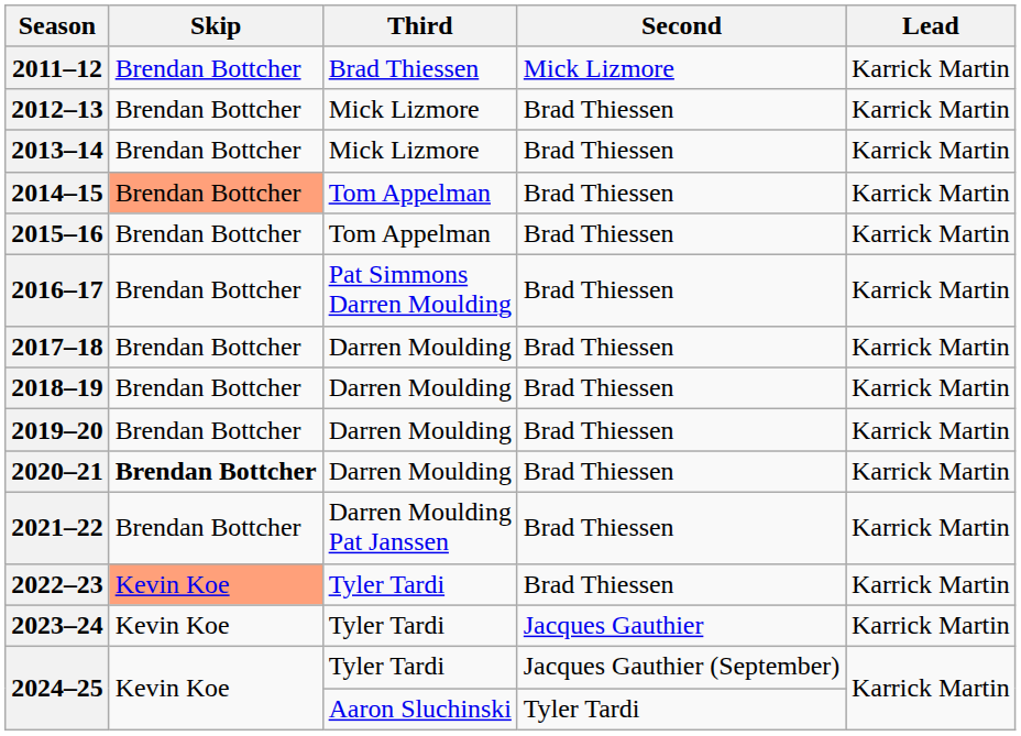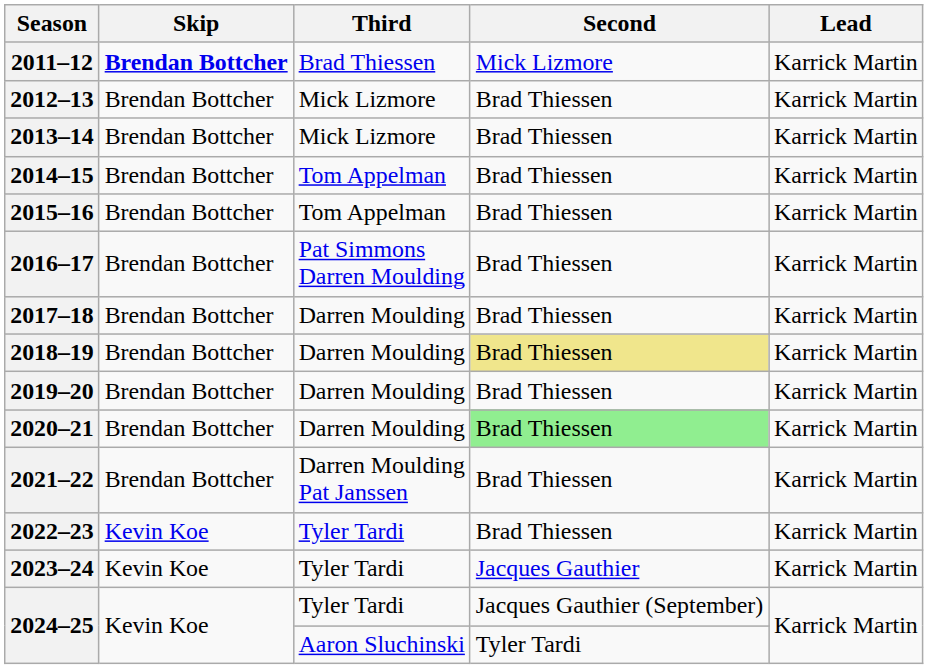 <table class="wikitable">
 <tr>
 <th scope="col">Season</th>
 <th scope="col">Skip</th>
 <th scope="col">Third</th>
 <th scope="col">Second</th>
 <th scope="col">Lead</th>
 </tr>
 <tr>
 <th scope="row">2011–12</th>
-<td><a href='#'>Brendan Bottcher</a></td>
+<td><strong><a href='#'>Brendan Bottcher</a></strong></td>
 <td><a href='#'>Brad Thiessen</a></td>
 <td><a href='#'>Mick Lizmore</a></td>
 <td>Karrick Martin</td>
 </tr>
 <tr>
 <th scope="row">2012–13</th>
 <td>Brendan Bottcher</td>
 <td>Mick Lizmore</td>
 <td>Brad Thiessen</td>
 <td>Karrick Martin</td>
 </tr>
 <tr>
 <th scope="row">2013–14</th>
 <td>Brendan Bottcher</td>
 <td>Mick Lizmore</td>
 <td>Brad Thiessen</td>
 <td>Karrick Martin</td>
 </tr>
 <tr>
 <th scope="row">2014–15</th>
-<td style="background: lightsalmon;">Brendan Bottcher</td>
+<td>Brendan Bottcher</td>
 <td><a href='#'>Tom Appelman</a></td>
 <td>Brad Thiessen</td>
 <td>Karrick Martin</td>
 </tr>
 <tr>
 <th scope="row">2015–16</th>
 <td>Brendan Bottcher</td>
 <td>Tom Appelman</td>
 <td>Brad Thiessen</td>
 <td>Karrick Martin</td>
 </tr>
 <tr>
 <th scope="row">2016–17</th>
 <td>Brendan Bottcher</td>
 <td><a href='#'>Pat Simmons</a> <br> <a href='#'>Darren Moulding</a></td>
 <td>Brad Thiessen</td>
 <td>Karrick Martin</td>
 </tr>
 <tr>
 <th scope="row">2017–18</th>
 <td>Brendan Bottcher</td>
 <td>Darren Moulding</td>
 <td>Brad Thiessen</td>
 <td>Karrick Martin</td>
 </tr>
 <tr>
 <th scope="row">2018–19</th>
 <td>Brendan Bottcher</td>
 <td>Darren Moulding</td>
-<td>Brad Thiessen</td>
+<td style="background: khaki;">Brad Thiessen</td>
 <td>Karrick Martin</td>
 </tr>
 <tr>
 <th scope="row">2019–20</th>
 <td>Brendan Bottcher</td>
 <td>Darren Moulding</td>
 <td>Brad Thiessen</td>
 <td>Karrick Martin</td>
 </tr>
 <tr>
 <th scope="row">2020–21</th>
-<td><strong>Brendan Bottcher</strong></td>
+<td>Brendan Bottcher</td>
 <td>Darren Moulding</td>
-<td>Brad Thiessen</td>
+<td style="background: lightgreen;">Brad Thiessen</td>
 <td>Karrick Martin</td>
 </tr>
 <tr>
 <th scope="row">2021–22</th>
 <td>Brendan Bottcher</td>
 <td>Darren Moulding <br> <a href='#'>Pat Janssen</a></td>
 <td>Brad Thiessen</td>
 <td>Karrick Martin</td>
 </tr>
 <tr>
 <th scope="row">2022–23</th>
-<td style="background: lightsalmon;"><a href='#'>Kevin Koe</a></td>
+<td><a href='#'>Kevin Koe</a></td>
 <td><a href='#'>Tyler Tardi</a></td>
 <td>Brad Thiessen</td>
 <td>Karrick Martin</td>
 </tr>
 <tr>
 <th scope="row">2023–24</th>
 <td>Kevin Koe</td>
 <td>Tyler Tardi</td>
 <td><a href='#'>Jacques Gauthier</a></td>
 <td>Karrick Martin</td>
 </tr>
 <tr>
 <th scope="row" rowspan=2>2024–25</th>
 <td rowspan=2>Kevin Koe</td>
 <td>Tyler Tardi</td>
 <td>Jacques Gauthier (September)</td>
 <td rowspan=2>Karrick Martin</td>
 </tr>
 <tr>
 <td><a href='#'>Aaron Sluchinski</a></td>
 <td>Tyler Tardi</td>
 </tr>
 </table>
